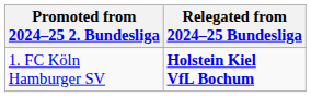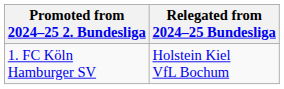 <table class="wikitable">
 <tr>
 <th>Promoted from<br><a href='#'>2024–25 2. Bundesliga</a></th>
 <th>Relegated from<br><a href='#'>2024–25 Bundesliga</a></th>
 </tr>
 <tr>
 <td><a href='#'>1. FC Köln</a><br><a href='#'>Hamburger SV</a></td>
-<td><strong><a href='#'>Holstein Kiel</a><br><a href='#'>VfL Bochum</a></strong></td>
+<td><a href='#'>Holstein Kiel</a><br><a href='#'>VfL Bochum</a></td>
 </tr>
 </table>
